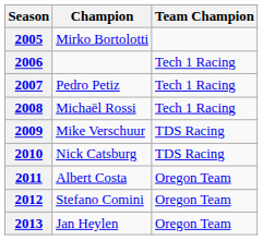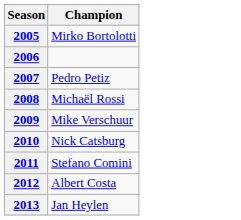 <table class="wikitable" style="font-size: 85%;">
 <tr>
 <th>Season</th>
 <th>Champion</th>
-<th>Team Champion</th>
 </tr>
 <tr>
 <th><a href='#'>2005</a></th>
 <td> <a href='#'>Mirko Bortolotti</a></td>
-<td></td>
 </tr>
 <tr>
 <th><a href='#'>2006</a></th>
 <td></td>
-<td> <a href='#'>Tech 1 Racing</a></td>
 </tr>
 <tr>
 <th><a href='#'>2007</a></th>
 <td> <a href='#'>Pedro Petiz</a></td>
-<td> <a href='#'>Tech 1 Racing</a></td>
 </tr>
 <tr>
 <th><a href='#'>2008</a></th>
 <td> <a href='#'>Michaël Rossi</a></td>
-<td> <a href='#'>Tech 1 Racing</a></td>
 </tr>
 <tr>
 <th><a href='#'>2009</a></th>
 <td> <a href='#'>Mike Verschuur</a></td>
-<td> <a href='#'>TDS Racing</a></td>
 </tr>
 <tr>
 <th><a href='#'>2010</a></th>
 <td> <a href='#'>Nick Catsburg</a></td>
-<td> <a href='#'>TDS Racing</a></td>
 </tr>
 <tr>
 <th><a href='#'>2011</a></th>
-<td> <a href='#'>Albert Costa</a></td>
-<td> <a href='#'>Oregon Team</a></td>
+<td> <a href='#'>Stefano Comini</a></td>
 </tr>
 <tr>
 <th><a href='#'>2012</a></th>
-<td> <a href='#'>Stefano Comini</a></td>
-<td> <a href='#'>Oregon Team</a></td>
+<td> <a href='#'>Albert Costa</a></td>
 </tr>
 <tr>
 <th><a href='#'>2013</a></th>
 <td> <a href='#'>Jan Heylen</a></td>
-<td> <a href='#'>Oregon Team</a></td>
 </tr>
 </table>
